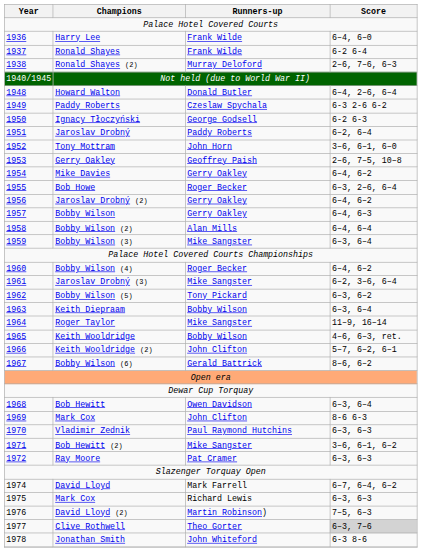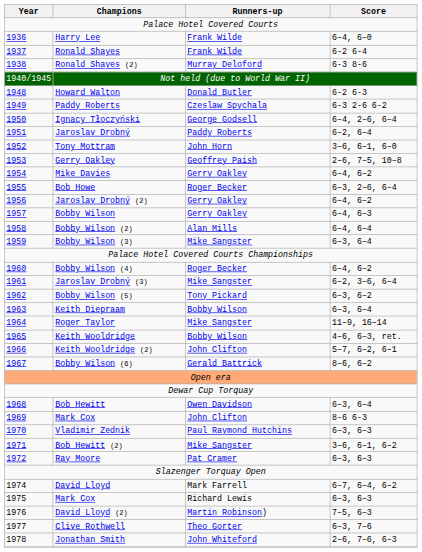 <table class="wikitable">
 <tr>
 <th style="width:40px">Year</th>
 <th style="width:200px">Champions</th>
 <th style="width:220px">Runners-up</th>
 <th style="width:130px" class="unsortable">Score</th>
 </tr>
 <tr>
 <td colspan="4" style="text-align:center;"><em>Palace Hotel Covered Courts</em></td>
 </tr>
 <tr>
 <td><a href='#'>1936</a></td>
 <td> <a href='#'>Harry Lee</a></td>
 <td> <a href='#'>Frank Wilde</a></td>
 <td>6–4, 6–0</td>
 </tr>
 <tr>
 <td><a href='#'>1937</a></td>
 <td> <a href='#'>Ronald Shayes</a></td>
 <td> <a href='#'>Frank Wilde</a></td>
 <td>6-2 6-4</td>
 </tr>
 <tr>
 <td><a href='#'>1938</a></td>
 <td> <a href='#'>Ronald Shayes</a>  <small>(2)</small></td>
 <td> <a href='#'>Murray Deloford</a></td>
-<td>2–6, 7–6, 6–3</td>
+<td>6-3 8-6</td>
 </tr>
 <tr style="background:#006400; color:white">
 <td>1940/1945</td>
 <td colspan=3 align=center><em>Not held (due to World War II)</em></td>
 </tr>
 <tr>
 <td><a href='#'>1948</a></td>
 <td> <a href='#'>Howard Walton</a></td>
 <td> <a href='#'>Donald Butler</a></td>
-<td>6–4, 2–6, 6–4</td>
+<td>6-2 6-3</td>
 </tr>
 <tr>
 <td><a href='#'>1949</a></td>
 <td> <a href='#'>Paddy Roberts</a></td>
 <td> <a href='#'>Czeslaw Spychala</a></td>
 <td>6-3 2-6 6-2</td>
 </tr>
 <tr>
 <td><a href='#'>1950</a></td>
 <td> <a href='#'>Ignacy Tłoczyński</a></td>
 <td> <a href='#'>George Godsell</a></td>
-<td>6-2 6-3</td>
+<td>6–4, 2–6, 6–4</td>
 </tr>
 <tr>
 <td><a href='#'>1951</a></td>
 <td> <a href='#'>Jaroslav Drobný</a></td>
 <td> <a href='#'>Paddy Roberts</a></td>
 <td>6–2, 6–4</td>
 </tr>
 <tr>
 <td><a href='#'>1952</a></td>
 <td> <a href='#'>Tony Mottram</a></td>
 <td> <a href='#'>John Horn</a></td>
 <td>3–6, 6–1, 6–0</td>
 </tr>
 <tr>
 <td><a href='#'>1953</a></td>
 <td> <a href='#'>Gerry Oakley</a></td>
 <td> <a href='#'>Geoffrey Paish</a></td>
 <td>2–6, 7–5, 10–8</td>
 </tr>
 <tr>
 <td><a href='#'>1954</a></td>
 <td> <a href='#'>Mike Davies</a></td>
 <td> <a href='#'>Gerry Oakley</a></td>
 <td>6–4, 6–2</td>
 </tr>
 <tr>
 <td><a href='#'>1955</a></td>
 <td> <a href='#'>Bob Howe</a></td>
 <td> <a href='#'>Roger Becker</a></td>
 <td>6–3, 2–6, 6–4</td>
 </tr>
 <tr>
 <td><a href='#'>1956</a></td>
 <td> <a href='#'>Jaroslav Drobný</a>  <small>(2)</small></td>
 <td> <a href='#'>Gerry Oakley</a></td>
 <td>6–4, 6–2</td>
 </tr>
 <tr>
 <td><a href='#'>1957</a></td>
 <td> <a href='#'>Bobby Wilson</a></td>
 <td> <a href='#'>Gerry Oakley</a></td>
 <td>6–4, 6–3</td>
 </tr>
 <tr>
 <td><a href='#'>1958</a></td>
 <td> <a href='#'>Bobby Wilson</a> <small>(2)</small></td>
 <td> <a href='#'>Alan Mills</a></td>
 <td>6–4, 6–4</td>
 </tr>
 <tr>
 <td><a href='#'>1959</a></td>
 <td> <a href='#'>Bobby Wilson</a> <small>(3)</small></td>
 <td> <a href='#'>Mike Sangster</a></td>
 <td>6–3, 6–4</td>
 </tr>
 <tr>
 <td colspan="4" style="text-align:center;"><em>Palace Hotel Covered Courts Championships</em></td>
 </tr>
 <tr>
 <td><a href='#'>1960</a></td>
 <td> <a href='#'>Bobby Wilson</a> <small>(4)</small></td>
 <td> <a href='#'>Roger Becker</a></td>
 <td>6–4, 6–2</td>
 </tr>
 <tr>
 <td><a href='#'>1961</a></td>
 <td> <a href='#'>Jaroslav Drobný</a> <small>(3)</small></td>
 <td> <a href='#'>Mike Sangster</a></td>
 <td>6–2, 3–6, 6–4</td>
 </tr>
 <tr>
 <td><a href='#'>1962</a></td>
 <td> <a href='#'>Bobby Wilson</a> <small>(5)</small></td>
 <td> <a href='#'>Tony Pickard</a></td>
 <td>6–3, 6–2</td>
 </tr>
 <tr>
 <td><a href='#'>1963</a></td>
 <td> <a href='#'>Keith Diepraam</a></td>
 <td> <a href='#'>Bobby Wilson</a></td>
 <td>6–3, 6–4</td>
 </tr>
 <tr>
 <td><a href='#'>1964</a></td>
 <td> <a href='#'>Roger Taylor</a></td>
 <td> <a href='#'>Mike Sangster</a></td>
 <td>11–9, 16–14</td>
 </tr>
 <tr>
 <td><a href='#'>1965</a></td>
 <td> <a href='#'>Keith Wooldridge</a></td>
 <td> <a href='#'>Bobby Wilson</a></td>
 <td>4–6, 6–3, ret.</td>
 </tr>
 <tr>
 <td><a href='#'>1966</a></td>
 <td> <a href='#'>Keith Wooldridge</a> <small>(2)</small></td>
 <td> <a href='#'>John Clifton</a></td>
 <td>5–7, 6–2, 6–1</td>
 </tr>
 <tr>
 <td><a href='#'>1967</a></td>
 <td> <a href='#'>Bobby Wilson</a> <small>(6)</small></td>
 <td> <a href='#'>Gerald Battrick</a></td>
 <td>8–6, 6–2</td>
 </tr>
 <tr style=background-color:#ffaa77>
 <td colspan=10 align=center><em>Open era </em></td>
 </tr>
 <tr>
 <td colspan="4" style="text-align:center;"><em>Dewar Cup Torquay</em></td>
 </tr>
 <tr>
 <td><a href='#'>1968</a></td>
 <td>  <a href='#'>Bob Hewitt</a></td>
 <td> <a href='#'>Owen Davidson</a></td>
 <td>6–3, 6–4</td>
 </tr>
 <tr>
 <td><a href='#'>1969</a></td>
 <td> <a href='#'>Mark Cox</a></td>
 <td> <a href='#'>John Clifton</a></td>
 <td>8-6 6-3</td>
 </tr>
 <tr>
 <td><a href='#'>1970</a></td>
 <td> <a href='#'>Vladimir Zednik</a></td>
 <td>  <a href='#'>Paul Raymond Hutchins</a></td>
 <td>6–3, 6–3</td>
 </tr>
 <tr>
 <td><a href='#'>1971</a></td>
 <td> <a href='#'>Bob Hewitt</a> <small>(2)</small></td>
 <td> <a href='#'>Mike Sangster</a></td>
 <td>3–6, 6–1, 6–2</td>
 </tr>
 <tr>
 <td><a href='#'>1972</a></td>
 <td> <a href='#'>Ray Moore</a></td>
 <td> <a href='#'>Pat Cramer</a></td>
 <td>6–3, 6–3</td>
 </tr>
 <tr>
 <td colspan="4" style="text-align:center;"><em>Slazenger Torquay Open</em></td>
 </tr>
 <tr>
 <td>1974</td>
 <td> <a href='#'>David Lloyd</a></td>
 <td> Mark Farrell</td>
 <td>6–7, 6–4, 6–2</td>
 </tr>
 <tr>
 <td>1975</td>
 <td> <a href='#'>Mark Cox</a></td>
 <td> Richard Lewis</td>
 <td>6–3, 6–3</td>
 </tr>
 <tr>
 <td>1976</td>
 <td> <a href='#'>David Lloyd</a> <small>(2)</small></td>
 <td> <a href='#'>Martin Robinson</a>)</td>
 <td>7–5, 6–3</td>
 </tr>
 <tr>
 <td>1977</td>
 <td> <a href='#'>Clive Rothwell</a></td>
 <td> <a href='#'>Theo Gorter</a></td>
-<td style="background: lightgrey;">6–3, 7–6</td>
+<td>6–3, 7–6</td>
 </tr>
 <tr>
 <td>1978</td>
 <td> <a href='#'>Jonathan Smith</a></td>
 <td> <a href='#'>John Whiteford</a></td>
-<td>6-3 8-6</td>
+<td>2–6, 7–6, 6–3</td>
 </tr>
 <tr>
 </tr>
 </table>
